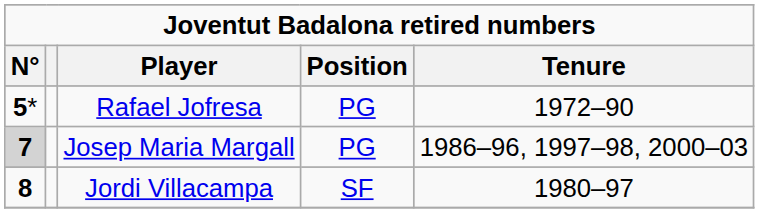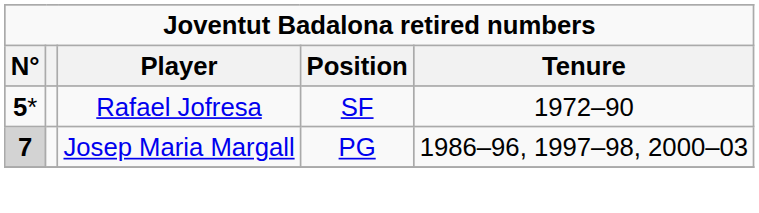 <table class="wikitable sortable" style="font-size: 95%; text-align:center;">
 <tr>
 <td colspan=5><strong>Joventut Badalona retired numbers</strong></td>
 </tr>
 <tr>
 <th>N°</th>
 <th></th>
 <th>Player</th>
 <th>Position</th>
 <th>Tenure</th>
 </tr>
 <tr>
 <td><strong>5</strong>*</td>
 <td></td>
 <td><a href='#'>Rafael Jofresa</a></td>
-<td><a href='#'>PG</a></td>
+<td><a href='#'>SF</a></td>
 <td>1972–90</td>
 </tr>
 <tr>
 <td style="background: lightgrey;"><strong>7</strong></td>
 <td></td>
 <td><a href='#'>Josep Maria Margall</a></td>
 <td><a href='#'>PG</a></td>
 <td>1986–96, 1997–98, 2000–03</td>
 </tr>
 <tr>
-<td><strong>8</strong></td>
-<td></td>
-<td><a href='#'>Jordi Villacampa</a></td>
-<td><a href='#'>SF</a></td>
-<td>1980–97</td>
-</tr>
-<tr>
 </tr>
 </table>
